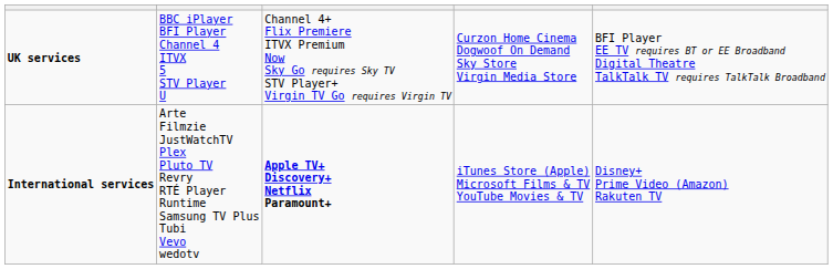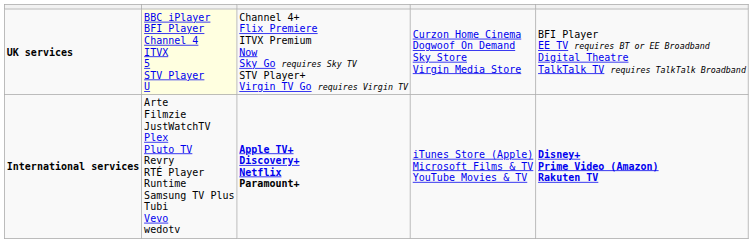 <table class="wikitable">
 <tr>
 <th></th>
 <th></th>
 <th></th>
 <th></th>
 <th></th>
 </tr>
 <tr>
 <td><strong>UK services</strong></td>
-<td><a href='#'>BBC iPlayer</a><br><a href='#'>BFI Player</a><br><a href='#'>Channel 4</a><br><a href='#'>ITVX</a><br><a href='#'>5</a><br><a href='#'>STV Player</a><br><a href='#'>U</a></td>
+<td style="background: lightyellow;"><a href='#'>BBC iPlayer</a><br><a href='#'>BFI Player</a><br><a href='#'>Channel 4</a><br><a href='#'>ITVX</a><br><a href='#'>5</a><br><a href='#'>STV Player</a><br><a href='#'>U</a></td>
 <td>Channel 4+<br><a href='#'>Flix Premiere</a><br>ITVX Premium<br><a href='#'>Now</a><br><a href='#'>Sky Go</a> <small><em>requires Sky TV</em></small><br>STV Player+<br><a href='#'>Virgin TV Go</a> <small><em>requires Virgin TV</em></small></td>
 <td><a href='#'>Curzon Home Cinema</a><br><a href='#'>Dogwoof On Demand</a><br><a href='#'>Sky Store</a><br><a href='#'>Virgin Media Store</a></td>
 <td>BFI Player<br><a href='#'>EE TV</a> <small><em>requires BT or EE Broadband</em></small><br><a href='#'>Digital Theatre</a><br><a href='#'>TalkTalk TV</a> <small><em>requires TalkTalk Broadband</em></small></td>
 </tr>
 <tr>
 <td><strong>International services</strong></td>
 <td>Arte<br>Filmzie<br>JustWatchTV<br><a href='#'>Plex</a><br><a href='#'>Pluto TV</a><br>Revry<br>RTÉ Player<br>Runtime<br>Samsung TV Plus<br>Tubi<br><a href='#'>Vevo</a><br>wedotv</td>
 <td><strong><a href='#'>Apple TV+</a><br><a href='#'>Discovery+</a><br><a href='#'>Netflix</a><br>Paramount+</strong></td>
 <td><a href='#'>iTunes Store (Apple)</a><br><a href='#'>Microsoft Films & TV</a><br><a href='#'>YouTube Movies & TV</a></td>
-<td><a href='#'>Disney+</a><br><a href='#'>Prime Video (Amazon)</a><br><a href='#'>Rakuten TV</a></td>
+<td><strong><a href='#'>Disney+</a><br><a href='#'>Prime Video (Amazon)</a><br><a href='#'>Rakuten TV</a></strong></td>
 </tr>
 </table>
